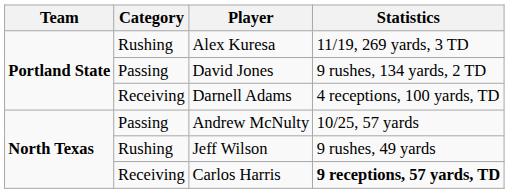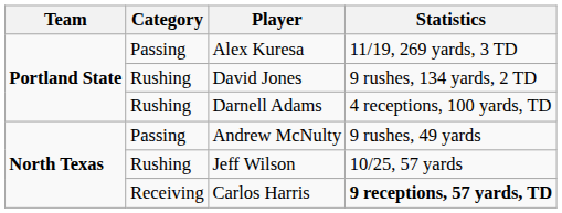 <table class="wikitable" style="float: left;">
 <tr>
 <th>Team</th>
 <th>Category</th>
 <th>Player</th>
 <th>Statistics</th>
 </tr>
 <tr>
 <td rowspan=3><strong>Portland State</strong></td>
-<td>Rushing</td>
+<td>Passing</td>
 <td>Alex Kuresa</td>
 <td>11/19, 269 yards, 3 TD</td>
 </tr>
 <tr>
-<td>Passing</td>
+<td>Rushing</td>
 <td>David Jones</td>
 <td>9 rushes, 134 yards, 2 TD</td>
 </tr>
 <tr>
-<td>Receiving</td>
+<td>Rushing</td>
 <td>Darnell Adams</td>
 <td>4 receptions, 100 yards, TD</td>
 </tr>
 <tr>
 <td rowspan=3><strong>North Texas</strong></td>
 <td>Passing</td>
 <td>Andrew McNulty</td>
-<td>10/25, 57 yards</td>
+<td>9 rushes, 49 yards</td>
 </tr>
 <tr>
 <td>Rushing</td>
 <td>Jeff Wilson</td>
-<td>9 rushes, 49 yards</td>
+<td>10/25, 57 yards</td>
 </tr>
 <tr>
 <td>Receiving</td>
 <td>Carlos Harris</td>
 <td><strong>9 receptions, 57 yards, TD</strong></td>
 </tr>
 </table>
